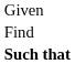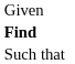 <table>
 <tr>
 <td>Given</td>
 <td colspan="2"></td>
 </tr>
 <tr>
-<td>Find</td>
+<td><strong>Find</strong></td>
 <td colspan="2"></td>
 </tr>
 <tr>
-<td><strong>Such that</strong></td>
+<td>Such that</td>
 </tr>
 <tr>
 <td></td>
 <td></td>
 <td></td>
 </tr>
 <tr>
 <td></td>
 <td></td>
 <td></td>
 </tr>
 <tr>
 <td></td>
 <td></td>
 <td></td>
 </tr>
 <tr>
 <td></td>
 <td></td>
 <td></td>
 </tr>
 </table>
